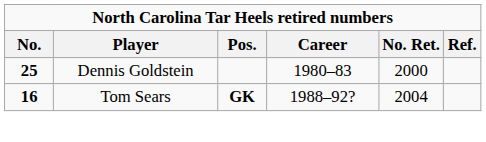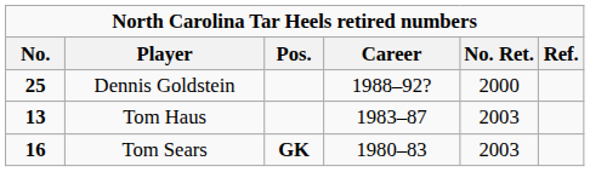 <table class="wikitable sortable" style="text-align:center">
 <tr>
 <td colspan=6><strong>North Carolina Tar Heels retired numbers</strong></td>
 </tr>
 <tr>
 <th width=40px>No.</th>
 <th width=150px>Player</th>
 <th width=40px>Pos.</th>
 <th width=100px>Career</th>
 <th>No. Ret.</th>
 <th>Ref.</th>
 </tr>
 <tr>
 <td><strong>25</strong></td>
 <td>Dennis Goldstein</td>
 <td></td>
-<td>1980–83</td>
+<td>1988–92?</td>
 <td>2000</td>
+<td></td>
+</tr>
+<tr>
+<td><strong>13</strong></td>
+<td>Tom Haus</td>
+<td></td>
+<td>1983–87</td>
+<td>2003</td>
 <td></td>
 </tr>
 <tr>
 <td><strong>16</strong></td>
 <td>Tom Sears</td>
 <td><strong>GK</strong></td>
-<td>1988–92?</td>
-<td>2004</td>
+<td>1980–83</td>
+<td>2003</td>
 <td></td>
 </tr>
 </table>
